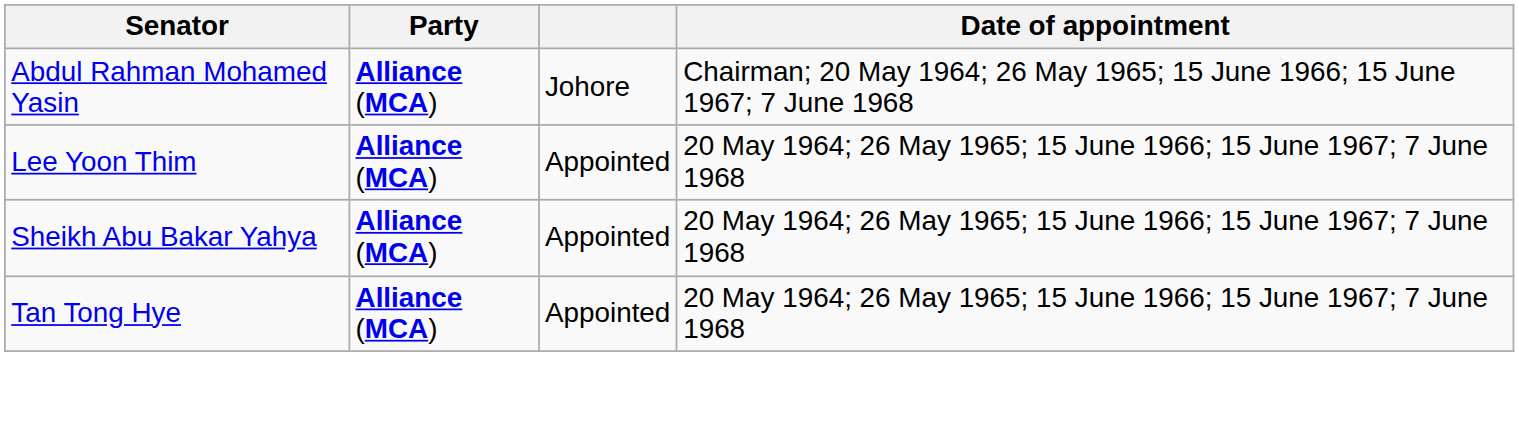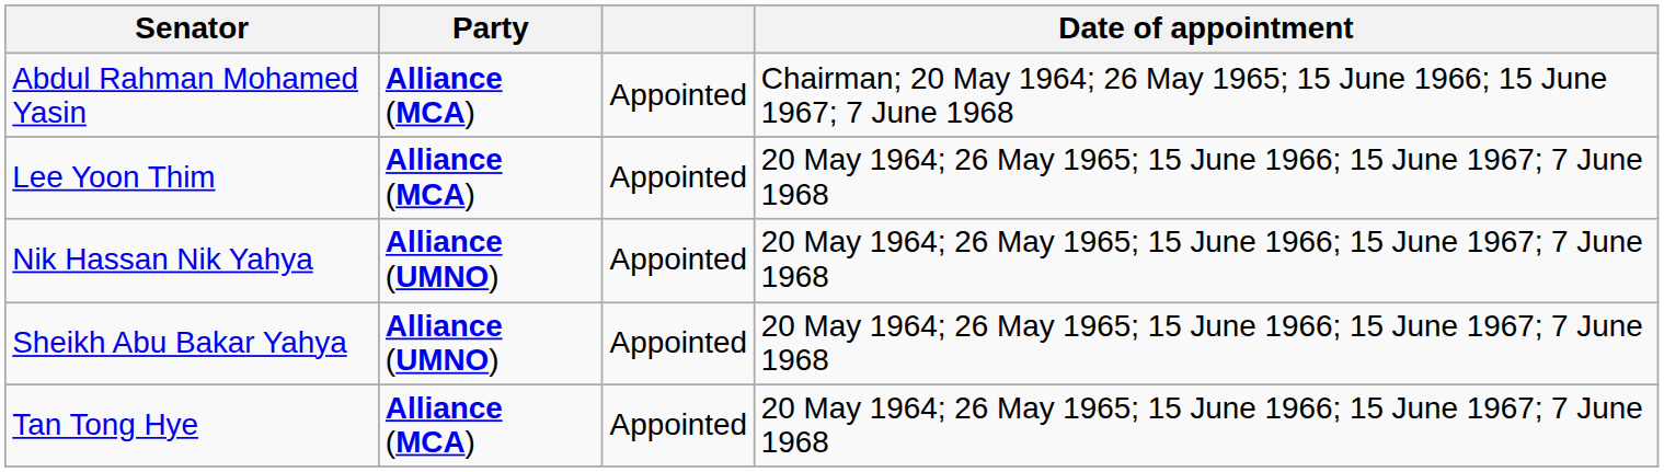 <table class="wikitable sortable">
 <tr>
 <th>Senator</th>
 <th>Party</th>
 <th></th>
 <th>Date of appointment</th>
 </tr>
 <tr>
 <td><a href='#'>Abdul Rahman Mohamed Yasin</a></td>
 <td><strong><a href='#'>Alliance</a></strong> (<strong><a href='#'>MCA</a></strong>)</td>
-<td>Johore</td>
+<td>Appointed</td>
 <td>Chairman; 20 May 1964; 26 May 1965; 15 June 1966; 15 June 1967; 7 June 1968</td>
 </tr>
 <tr>
 <td><a href='#'>Lee Yoon Thim</a></td>
 <td><strong><a href='#'>Alliance</a></strong> (<strong><a href='#'>MCA</a></strong>)</td>
 <td>Appointed</td>
 <td>20 May 1964; 26 May 1965; 15 June 1966; 15 June 1967; 7 June 1968</td>
 </tr>
 <tr>
+<td><a href='#'>Nik Hassan Nik Yahya</a></td>
+<td><strong><a href='#'>Alliance</a></strong> (<strong><a href='#'>UMNO</a></strong>)</td>
+<td>Appointed</td>
+<td>20 May 1964; 26 May 1965; 15 June 1966; 15 June 1967; 7 June 1968</td>
+</tr>
+<tr>
 <td><a href='#'>Sheikh Abu Bakar Yahya</a></td>
-<td><strong><a href='#'>Alliance</a></strong> (<strong><a href='#'>MCA</a></strong>)</td>
+<td><strong><a href='#'>Alliance</a></strong> (<strong><a href='#'>UMNO</a></strong>)</td>
 <td>Appointed</td>
 <td>20 May 1964; 26 May 1965; 15 June 1966; 15 June 1967; 7 June 1968</td>
 </tr>
 <tr>
 <td><a href='#'>Tan Tong Hye</a></td>
 <td><strong><a href='#'>Alliance</a></strong> (<strong><a href='#'>MCA</a></strong>)</td>
 <td>Appointed</td>
 <td>20 May 1964; 26 May 1965; 15 June 1966; 15 June 1967; 7 June 1968</td>
 </tr>
 </table>
